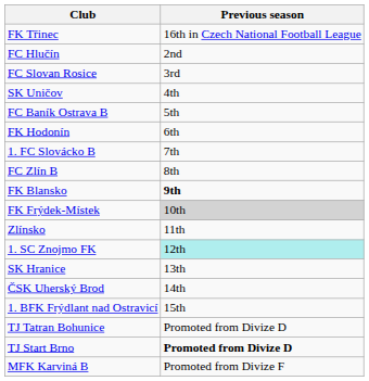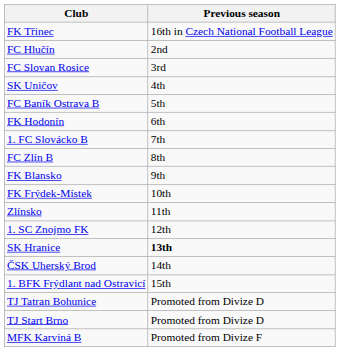 <table class="wikitable">
 <tr>
 <th>Club</th>
 <th>Previous season</th>
 </tr>
 <tr>
 <td><a href='#'>FK Třinec</a></td>
 <td>16th in <a href='#'>Czech National Football League</a></td>
 </tr>
 <tr>
 <td><a href='#'>FC Hlučín</a></td>
 <td>2nd</td>
 </tr>
 <tr>
 <td><a href='#'>FC Slovan Rosice</a></td>
 <td>3rd</td>
 </tr>
 <tr>
 <td><a href='#'>SK Uničov</a></td>
 <td>4th</td>
 </tr>
 <tr>
 <td><a href='#'>FC Baník Ostrava B</a></td>
 <td>5th</td>
 </tr>
 <tr>
 <td><a href='#'>FK Hodonín</a></td>
 <td>6th</td>
 </tr>
 <tr>
 <td><a href='#'>1. FC Slovácko B</a></td>
 <td>7th</td>
 </tr>
 <tr>
 <td><a href='#'>FC Zlín B</a></td>
 <td>8th</td>
 </tr>
 <tr>
 <td><a href='#'>FK Blansko</a></td>
-<td><strong>9th</strong></td>
+<td>9th</td>
 </tr>
 <tr>
 <td><a href='#'>FK Frýdek-Místek</a></td>
-<td style="background: lightgrey;">10th</td>
+<td>10th</td>
 </tr>
 <tr>
 <td><a href='#'>Zlínsko</a></td>
 <td>11th</td>
 </tr>
 <tr>
 <td><a href='#'>1. SC Znojmo FK</a></td>
-<td style="background: paleturquoise;">12th</td>
+<td>12th</td>
 </tr>
 <tr>
 <td><a href='#'>SK Hranice</a></td>
-<td>13th</td>
+<td><strong>13th</strong></td>
 </tr>
 <tr>
 <td><a href='#'>ČSK Uherský Brod</a></td>
 <td>14th</td>
 </tr>
 <tr>
 <td><a href='#'>1. BFK Frýdlant nad Ostravicí</a></td>
 <td>15th</td>
 </tr>
 <tr>
 <td><a href='#'>TJ Tatran Bohunice</a></td>
 <td>Promoted from Divize D</td>
 </tr>
 <tr>
 <td><a href='#'>TJ Start Brno</a></td>
-<td><strong>Promoted from Divize D</strong></td>
+<td>Promoted from Divize D</td>
 </tr>
 <tr>
 <td><a href='#'>MFK Karviná B</a></td>
 <td>Promoted from Divize F</td>
 </tr>
 </table>
